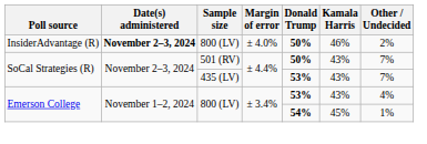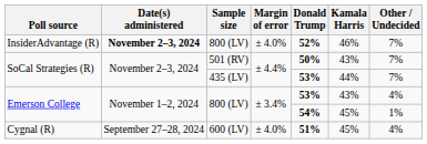 <table class="wikitable sortable mw-datatable" style="font-size:90%;text-align:center;line-height:17px">
 <tr valign=bottom>
 <th>Poll source</th>
 <th>Date(s)<br>administered</th>
 <th>Sample<br>size</th>
 <th>Margin<br>of error</th>
 <th class="unsortable">Donald<br>Trump<br></th>
 <th class="unsortable">Kamala<br>Harris<br></th>
 <th class="unsortable">Other /<br>Undecided</th>
 </tr>
 <tr>
 <td style="text-align:left">InsiderAdvantage (R)</td>
 <td data-sort-value=2024-11-04><strong>November 2–3, 2024</strong></td>
 <td>800 (LV)</td>
 <td>± 4.0%</td>
-<td style="background-color:"><strong>50%</strong></td>
+<td style="background-color:"><strong>52%</strong></td>
 <td>46%</td>
-<td>2%</td>
+<td>7%</td>
 </tr>
 <tr>
 <td style="text-align:left;" rowspan="2">SoCal Strategies (R)</td>
 <td rowspan="2">November 2–3, 2024</td>
 <td>501 (RV)</td>
 <td rowspan="2">± 4.4%</td>
 <td style="background-color:"><strong>50%</strong></td>
 <td>43%</td>
 <td>7%</td>
 </tr>
 <tr>
 <td>435 (LV)</td>
 <td style="background-color:"><strong>53%</strong></td>
-<td>43%</td>
+<td>44%</td>
 <td>7%</td>
 </tr>
 <tr>
 <td style="text-align:left;" rowspan="2"><a href='#'>Emerson College</a></td>
 <td rowspan="2">November 1–2, 2024</td>
 <td rowspan="2">800 (LV)</td>
 <td rowspan="2">± 3.4%</td>
 <td style="background-color:"><strong>53%</strong></td>
 <td>43%</td>
 <td>4%</td>
 </tr>
 <tr>
 <td style="background-color:"><strong>54%</strong></td>
 <td>45%</td>
 <td>1%</td>
 </tr>
+<tr>
+<td style="text-align:left">Cygnal (R)</td>
+<td data-sort-value=2024-09-11>September 27–28, 2024</td>
+<td>600 (LV)</td>
+<td>± 4.0%</td>
+<td style="background-color:"><strong>51%</strong></td>
+<td>45%</td>
+<td>4%</td>
+</tr>
 </table>
